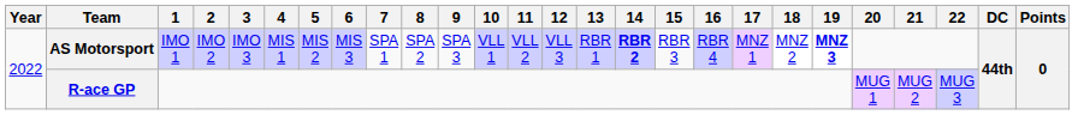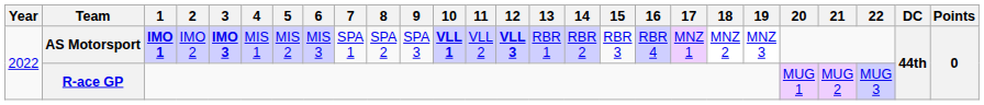 <table class="wikitable" style="text-align:center; font-size:85%">
 <tr>
 <th>Year</th>
 <th>Team</th>
 <th>1</th>
 <th>2</th>
 <th>3</th>
 <th>4</th>
 <th>5</th>
 <th>6</th>
 <th>7</th>
 <th>8</th>
 <th>9</th>
 <th>10</th>
 <th>11</th>
 <th>12</th>
 <th>13</th>
 <th>14</th>
 <th>15</th>
 <th>16</th>
 <th>17</th>
 <th>18</th>
 <th>19</th>
 <th>20</th>
 <th>21</th>
 <th>22</th>
 <th>DC</th>
 <th>Points</th>
 </tr>
 <tr>
 <td rowspan="2"><a href='#'>2022</a></td>
 <th nowrap>AS Motorsport</th>
-<td style="background:#CFCFFF;"><a href='#'>IMO<br>1</a><br></td>
+<td style="background:#CFCFFF;"><strong><a href='#'>IMO<br>1</a><br></strong></td>
 <td style="background:#CFCFFF;"><a href='#'>IMO<br>2</a><br></td>
-<td style="background:#CFCFFF;"><a href='#'>IMO<br>3</a><br></td>
+<td style="background:#CFCFFF;"><strong><a href='#'>IMO<br>3</a><br></strong></td>
 <td style="background:#CFCFFF;"><a href='#'>MIS<br>1</a><br></td>
 <td style="background:#CFCFFF;"><a href='#'>MIS<br>2</a><br></td>
 <td style="background:#CFCFFF;"><a href='#'>MIS<br>3</a><br></td>
 <td style="background:#;"><a href='#'>SPA<br>1</a></td>
 <td style="background:#;"><a href='#'>SPA<br>2</a></td>
 <td style="background:#;"><a href='#'>SPA<br>3</a></td>
-<td style="background:#CFCFFF;"><a href='#'>VLL<br>1</a><br></td>
+<td style="background:#CFCFFF;"><strong><a href='#'>VLL<br>1</a><br></strong></td>
 <td style="background:#CFCFFF;"><a href='#'>VLL<br>2</a><br></td>
-<td style="background:#CFCFFF;"><a href='#'>VLL<br>3</a><br></td>
+<td style="background:#CFCFFF;"><strong><a href='#'>VLL<br>3</a><br></strong></td>
 <td style="background:#CFCFFF;"><a href='#'>RBR<br>1</a><br></td>
-<td style="background:#CFCFFF;"><strong><a href='#'>RBR<br>2</a><br></strong></td>
+<td style="background:#CFCFFF;"><a href='#'>RBR<br>2</a><br></td>
 <td style="background:#;"><a href='#'>RBR<br>3</a></td>
 <td style="background:#CFCFFF;"><a href='#'>RBR<br>4</a><br></td>
 <td style="background:#EFCFFF;"><a href='#'>MNZ<br>1</a><br></td>
 <td style="background:#FFFFFF;"><a href='#'>MNZ<br>2</a><br></td>
-<td style="background:#FFFFFF;"><strong><a href='#'>MNZ<br>3</a><br></strong></td>
+<td style="background:#FFFFFF;"><a href='#'>MNZ<br>3</a><br></td>
 <td colspan=3></td>
 <th rowspan="2">44th</th>
 <th rowspan="2">0</th>
 </tr>
 <tr>
 <th nowrap><a href='#'>R-ace GP</a></th>
 <td colspan=19></td>
 <td style="background:#EFCFFF;"><a href='#'>MUG<br>1</a><br></td>
 <td style="background:#EFCFFF;"><a href='#'>MUG<br>2</a><br></td>
 <td style="background:#CFCFFF;"><a href='#'>MUG<br>3</a><br></td>
 </tr>
 </table>
